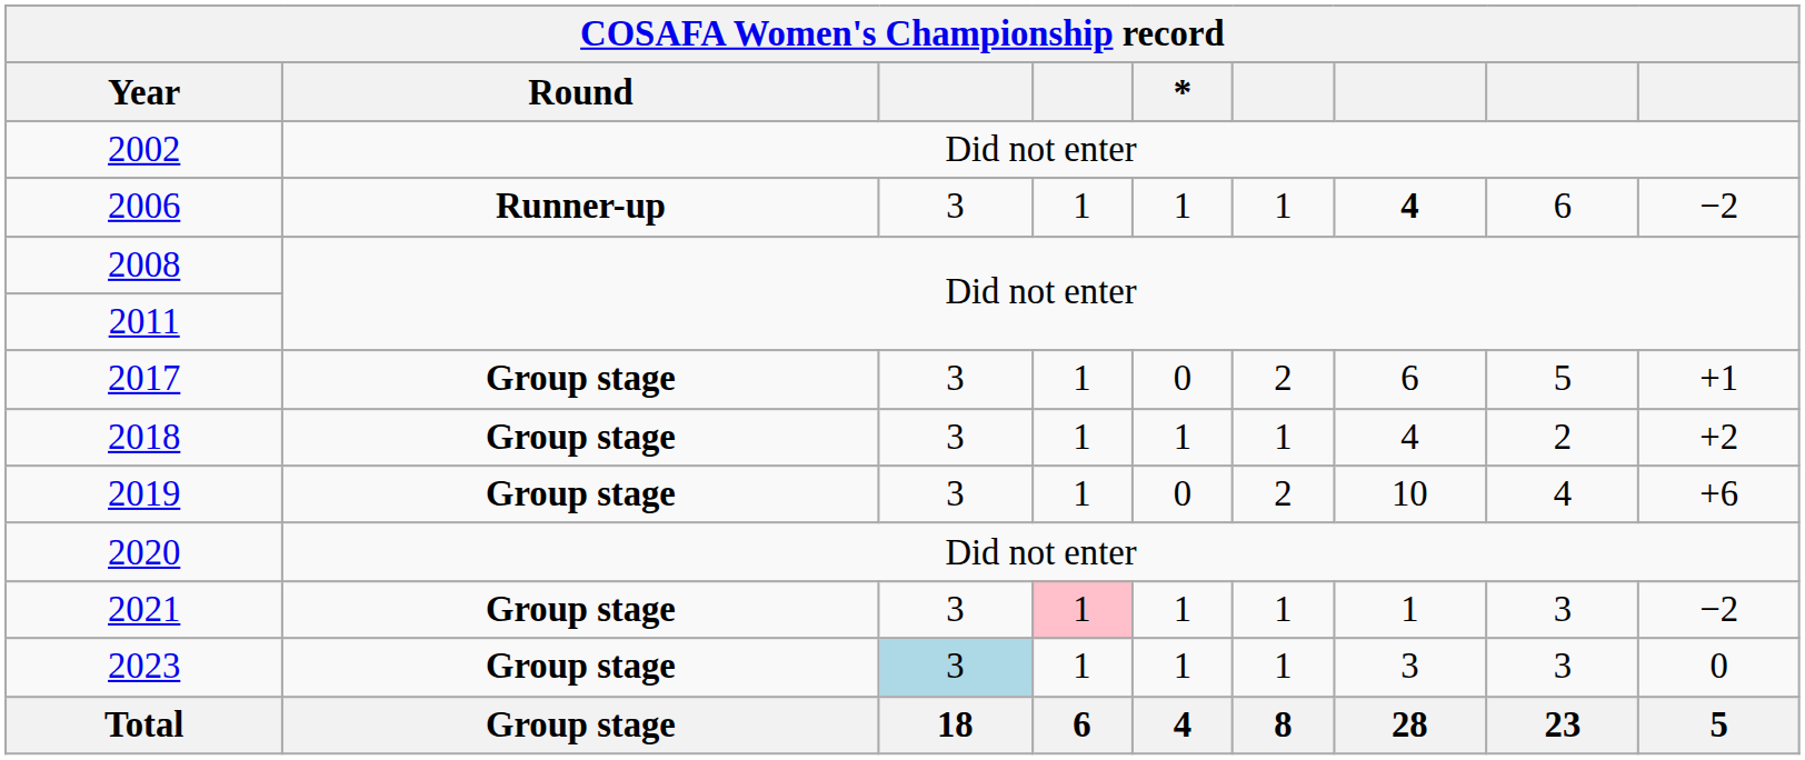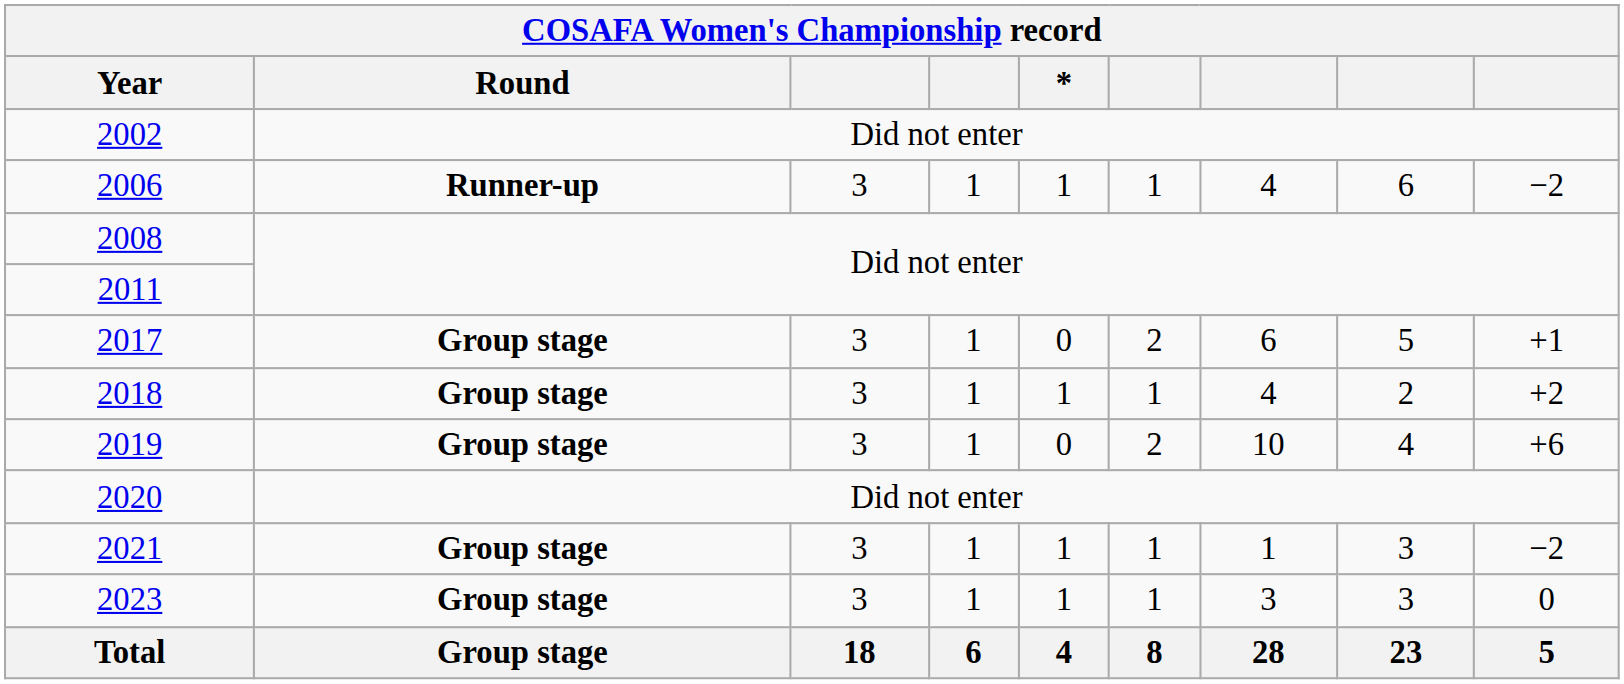 <table class="wikitable" style="text-align: center; width:50%;">
 <tr>
 <th colspan=10><a href='#'>COSAFA Women's Championship</a> record</th>
 </tr>
 <tr>
 <th>Year</th>
 <th>Round</th>
 <th></th>
 <th></th>
 <th>*</th>
 <th></th>
 <th></th>
 <th></th>
 <th></th>
 </tr>
 <tr>
 <td> <a href='#'>2002</a></td>
 <td colspan=8>Did not enter</td>
 </tr>
 <tr>
 <td> <a href='#'>2006</a></td>
 <td><strong>Runner-up</strong></td>
 <td>3</td>
 <td>1</td>
 <td>1</td>
 <td>1</td>
-<td><strong>4</strong></td>
+<td>4</td>
 <td>6</td>
 <td>−2</td>
 </tr>
 <tr>
 <td> <a href='#'>2008</a></td>
 <td colspan=8 rowspan=2>Did not enter</td>
 </tr>
 <tr>
 <td> <a href='#'>2011</a></td>
 </tr>
 <tr>
 <td> <a href='#'>2017</a></td>
 <td><strong>Group stage</strong></td>
 <td>3</td>
 <td>1</td>
 <td>0</td>
 <td>2</td>
 <td>6</td>
 <td>5</td>
 <td>+1</td>
 </tr>
 <tr>
 <td> <a href='#'>2018</a></td>
 <td><strong>Group stage</strong></td>
 <td>3</td>
 <td>1</td>
 <td>1</td>
 <td>1</td>
 <td>4</td>
 <td>2</td>
 <td>+2</td>
 </tr>
 <tr>
 <td> <a href='#'>2019</a></td>
 <td><strong>Group stage</strong></td>
 <td>3</td>
 <td>1</td>
 <td>0</td>
 <td>2</td>
 <td>10</td>
 <td>4</td>
 <td>+6</td>
 </tr>
 <tr>
 <td> <a href='#'>2020</a></td>
 <td colspan=8>Did not enter</td>
 </tr>
 <tr>
 <td> <a href='#'>2021</a></td>
 <td><strong>Group stage</strong></td>
 <td>3</td>
-<td style="background: pink;">1</td>
+<td>1</td>
 <td>1</td>
 <td>1</td>
 <td>1</td>
 <td>3</td>
 <td>−2</td>
 </tr>
 <tr>
 <td> <a href='#'>2023</a></td>
 <td><strong>Group stage</strong></td>
-<td style="background: lightblue;">3</td>
+<td>3</td>
 <td>1</td>
 <td>1</td>
 <td>1</td>
 <td>3</td>
 <td>3</td>
 <td>0</td>
 </tr>
 <tr>
 <th>Total</th>
 <th>Group stage</th>
 <th>18</th>
 <th>6</th>
 <th>4</th>
 <th>8</th>
 <th>28</th>
 <th>23</th>
 <th>5</th>
 </tr>
 </table>
